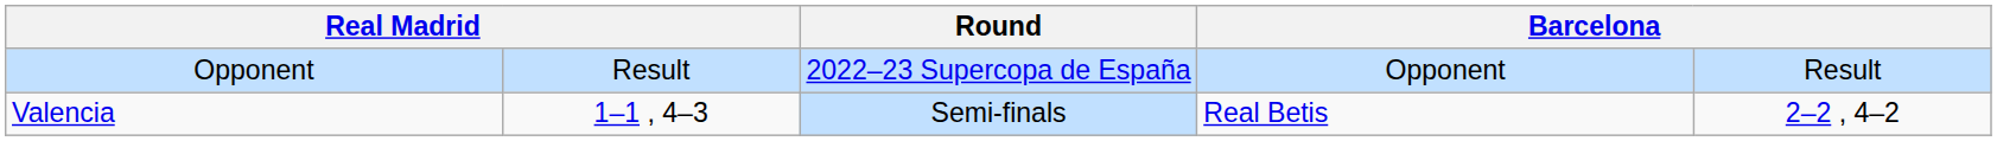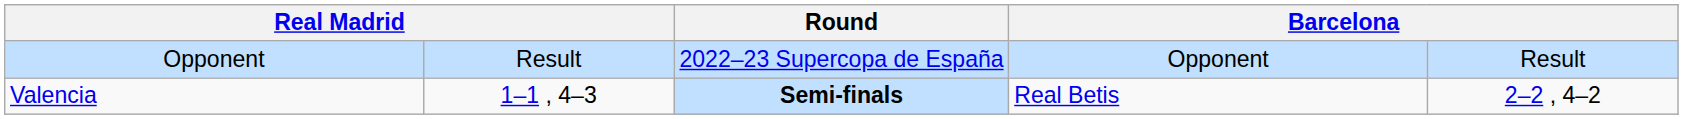 <table class="wikitable" style="text-align:center; white-space:nowrap;">
 <tr>
 <th colspan="2"><a href='#'>Real Madrid</a></th>
 <th>Round</th>
 <th colspan="2"><a href='#'>Barcelona</a></th>
 </tr>
 <tr style="background:#C1E0FF;">
 <td style="width:25%;">Opponent</td>
 <td style="width:15%;">Result</td>
 <td><a href='#'>2022–23 Supercopa de España</a></td>
 <td style="width:25%;">Opponent</td>
 <td style="width:15%;">Result</td>
 </tr>
 <tr>
 <td style="text-align:left;"><a href='#'>Valencia</a></td>
 <td><a href='#'>1–1</a> , 4–3 </td>
-<td style="background:#C1E0FF;">Semi-finals</td>
+<td style="background:#C1E0FF;"><strong>Semi-finals</strong></td>
 <td style="text-align:left;"><a href='#'>Real Betis</a></td>
 <td><a href='#'>2–2</a> , 4–2 </td>
 </tr>
 </table>
